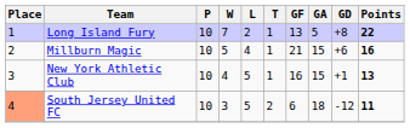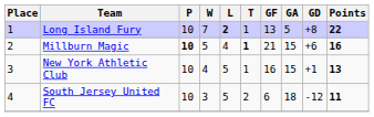 <table class="wikitable">
 <tr>
 <th>Place</th>
 <th width="170">Team</th>
 <th width="20">P</th>
 <th width="20">W</th>
 <th width="20">L</th>
 <th width="20">T</th>
 <th width="20">GF</th>
 <th width="20">GA</th>
 <th width="25">GD</th>
 <th>Points</th>
 </tr>
 <tr bgcolor=#ccccff>
 <td>1</td>
 <td><a href='#'>Long Island Fury</a></td>
 <td>10</td>
 <td>7</td>
-<td>2</td>
+<td><strong>2</strong></td>
 <td>1</td>
 <td>13</td>
 <td>5</td>
 <td>+8</td>
 <td><strong>22</strong></td>
 </tr>
 <tr>
 <td>2</td>
 <td><a href='#'>Millburn Magic</a></td>
-<td>10</td>
+<td><strong>10</strong></td>
 <td>5</td>
 <td>4</td>
-<td>1</td>
+<td><strong>1</strong></td>
 <td>21</td>
 <td>15</td>
 <td>+6</td>
 <td><strong>16</strong></td>
 </tr>
 <tr>
 <td>3</td>
 <td><a href='#'>New York Athletic Club</a></td>
 <td>10</td>
 <td>4</td>
 <td>5</td>
 <td>1</td>
 <td>16</td>
 <td>15</td>
 <td>+1</td>
 <td><strong>13</strong></td>
 </tr>
 <tr>
-<td style="background: lightsalmon;">4</td>
+<td>4</td>
 <td><a href='#'>South Jersey United FC</a></td>
 <td>10</td>
 <td>3</td>
 <td>5</td>
 <td>2</td>
 <td>6</td>
 <td>18</td>
 <td>-12</td>
 <td><strong>11</strong></td>
 </tr>
 <tr>
 </tr>
 </table>
